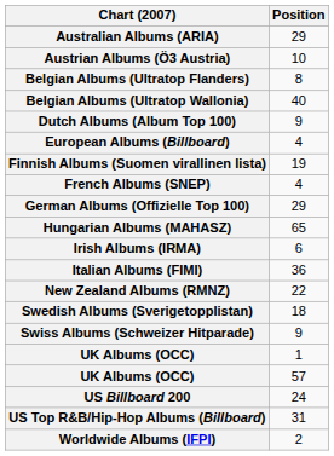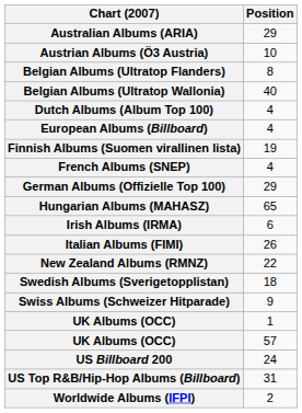 <table class="wikitable sortable plainrowheaders" style="text-align:center">
 <tr>
 <th scope="col">Chart (2007)</th>
 <th scope="col">Position</th>
 </tr>
 <tr>
 <th scope="row">Australian Albums (ARIA)</th>
 <td>29</td>
 </tr>
 <tr>
 <th scope="row">Austrian Albums (Ö3 Austria)</th>
 <td>10</td>
 </tr>
 <tr>
 <th scope="row">Belgian Albums (Ultratop Flanders)</th>
 <td>8</td>
 </tr>
 <tr>
 <th scope="row">Belgian Albums (Ultratop Wallonia)</th>
 <td>40</td>
 </tr>
 <tr>
 <th scope="row">Dutch Albums (Album Top 100)</th>
-<td>9</td>
+<td>4</td>
 </tr>
 <tr>
 <th scope="row">European Albums (<em>Billboard</em>)</th>
 <td>4</td>
 </tr>
 <tr>
 <th scope="row">Finnish Albums (Suomen virallinen lista)</th>
 <td>19</td>
 </tr>
 <tr>
 <th scope="row">French Albums (SNEP)</th>
 <td>4</td>
 </tr>
 <tr>
 <th scope="row">German Albums (Offizielle Top 100)</th>
 <td>29</td>
 </tr>
 <tr>
 <th scope="row">Hungarian Albums (MAHASZ)</th>
 <td>65</td>
 </tr>
 <tr>
 <th scope="row">Irish Albums (IRMA)</th>
 <td>6</td>
 </tr>
 <tr>
 <th scope="row">Italian Albums (FIMI)</th>
-<td>36</td>
+<td>26</td>
 </tr>
 <tr>
 <th scope="row">New Zealand Albums (RMNZ)</th>
 <td>22</td>
 </tr>
 <tr>
 <th scope="row">Swedish Albums (Sverigetopplistan)</th>
 <td>18</td>
 </tr>
 <tr>
 <th scope="row">Swiss Albums (Schweizer Hitparade)</th>
 <td>9</td>
 </tr>
 <tr>
 <th scope="row">UK Albums (OCC)<br></th>
 <td>1</td>
 </tr>
 <tr>
 <th scope="row">UK Albums (OCC)<br></th>
 <td>57</td>
 </tr>
 <tr>
 <th scope="row">US <em>Billboard</em> 200</th>
 <td>24</td>
 </tr>
 <tr>
 <th scope="row">US Top R&B/Hip-Hop Albums (<em>Billboard</em>)</th>
 <td>31</td>
 </tr>
 <tr>
 <th scope="row">Worldwide Albums (<a href='#'>IFPI</a>)</th>
 <td>2</td>
 </tr>
 </table>
